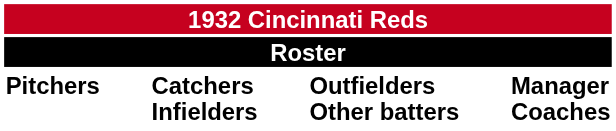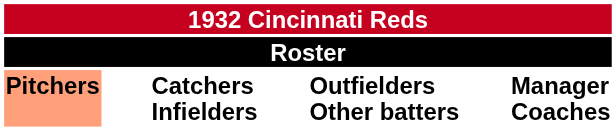 <table class="toccolours" style="font-size: 95%;">
 <tr>
 <th colspan="10" style="background-color: #c6011f; color: white; text-align: center;">1932 Cincinnati Reds</th>
 </tr>
 <tr>
 <td colspan="10" style="background-color: black; color: white; text-align: center;"><strong>Roster</strong></td>
 </tr>
 <tr>
-<td valign="top"><strong>Pitchers</strong><br>         </td>
+<td valign="top" style="background: lightsalmon;"><strong>Pitchers</strong><br>         </td>
 <td width="25px"></td>
 <td valign="top"><strong>Catchers</strong><br>   <strong>Infielders</strong>         </td>
 <td width="25px"></td>
 <td valign="top"><strong>Outfielders</strong><br>     <strong>Other batters</strong>  </td>
 <td width="25px"></td>
 <td valign="top"><strong>Manager</strong><br> <strong>Coaches</strong>  </td>
 </tr>
 </table>
